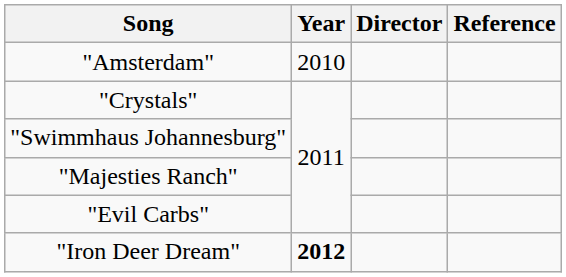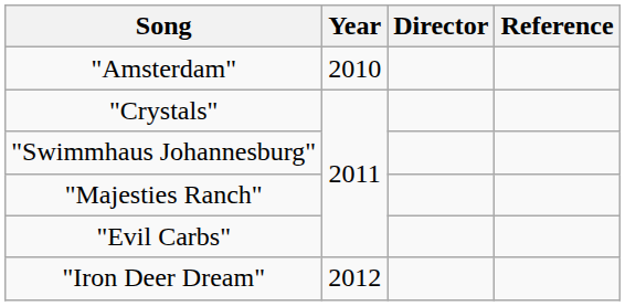 <table class="wikitable plainrowheaders" style="text-align:center;">
 <tr>
 <th>Song</th>
 <th>Year</th>
 <th>Director</th>
 <th>Reference</th>
 </tr>
 <tr>
 <td>"Amsterdam"</td>
 <td>2010</td>
 <td></td>
 <td></td>
 </tr>
 <tr>
 <td>"Crystals"</td>
 <td rowspan="4">2011</td>
 <td></td>
 <td></td>
 </tr>
 <tr>
 <td>"Swimmhaus Johannesburg"</td>
 <td></td>
 <td></td>
 </tr>
 <tr>
 <td>"Majesties Ranch"</td>
 <td></td>
 <td></td>
 </tr>
 <tr>
 <td>"Evil Carbs"</td>
 <td></td>
 <td></td>
 </tr>
 <tr>
 <td>"Iron Deer Dream"</td>
-<td><strong>2012</strong></td>
+<td>2012</td>
 <td></td>
 <td></td>
 </tr>
 </table>
